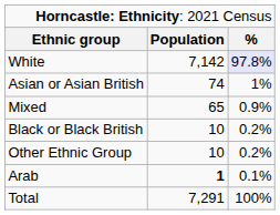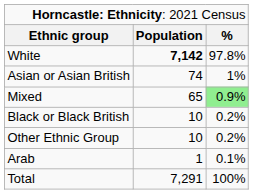 <table class="wikitable">
 <tr>
 <td colspan="14" style="text-align:right;"><strong>Horncastle: Ethnicity</strong>: 2021 Census</td>
 </tr>
 <tr>
 <th>Ethnic group</th>
 <th>Population</th>
 <th>%</th>
 </tr>
 <tr>
 <td>White</td>
-<td style="text-align:right;">7,142</td>
-<td style="background: lavender; text-align:right;">97.8%</td>
+<td style="text-align:right;"><strong>7,142</strong></td>
+<td style="text-align:right;">97.8%</td>
 </tr>
 <tr>
 <td>Asian or Asian British</td>
 <td style="text-align:right;">74</td>
 <td style="text-align:right;">1%</td>
 </tr>
 <tr>
 <td>Mixed</td>
 <td style="text-align:right;">65</td>
-<td style="text-align:right;">0.9%</td>
+<td style="background: lightgreen; text-align:right;">0.9%</td>
 </tr>
 <tr>
 <td>Black or Black British</td>
 <td style="text-align:right;">10</td>
 <td style="text-align:right;">0.2%</td>
 </tr>
 <tr>
 <td>Other Ethnic Group</td>
 <td style="text-align:right;">10</td>
 <td style="text-align:right;">0.2%</td>
 </tr>
 <tr>
 <td>Arab</td>
-<td style="text-align:right;"><strong>1</strong></td>
+<td style="text-align:right;">1</td>
 <td style="text-align:right;">0.1%</td>
 </tr>
 <tr>
 <td>Total</td>
 <td style="text-align:right;">7,291</td>
 <td style="text-align:right;">100%</td>
 </tr>
 </table>
